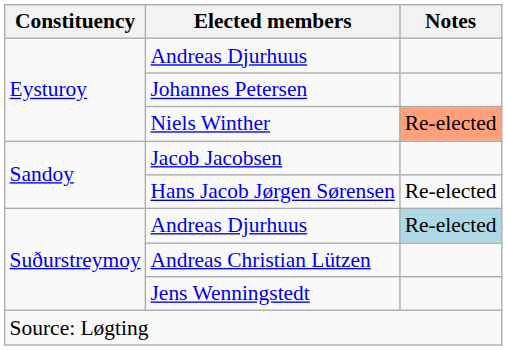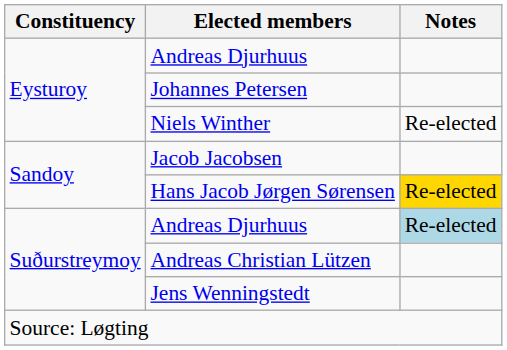 <table class=wikitable>
 <tr>
 <th>Constituency</th>
 <th>Elected members</th>
 <th>Notes</th>
 </tr>
 <tr>
 <td rowspan=3><a href='#'>Eysturoy</a></td>
 <td><a href='#'>Andreas Djurhuus</a></td>
 <td></td>
 </tr>
 <tr>
 <td><a href='#'>Johannes Petersen</a></td>
 <td></td>
 </tr>
 <tr>
 <td><a href='#'>Niels Winther</a></td>
-<td style="background: lightsalmon;">Re-elected</td>
+<td>Re-elected</td>
 </tr>
 <tr>
 <td rowspan=2><a href='#'>Sandoy</a></td>
 <td><a href='#'>Jacob Jacobsen</a></td>
 <td></td>
 </tr>
 <tr>
 <td><a href='#'>Hans Jacob Jørgen Sørensen</a></td>
-<td>Re-elected</td>
+<td style="background: gold;">Re-elected</td>
 </tr>
 <tr>
 <td rowspan=3><a href='#'>Suðurstreymoy</a></td>
 <td><a href='#'>Andreas Djurhuus</a></td>
 <td style="background: lightblue;">Re-elected</td>
 </tr>
 <tr>
 <td><a href='#'>Andreas Christian Lützen</a></td>
 <td></td>
 </tr>
 <tr>
 <td><a href='#'>Jens Wenningstedt</a></td>
 <td></td>
 </tr>
 <tr>
 <td colspan=3>Source: Løgting</td>
 </tr>
 </table>
